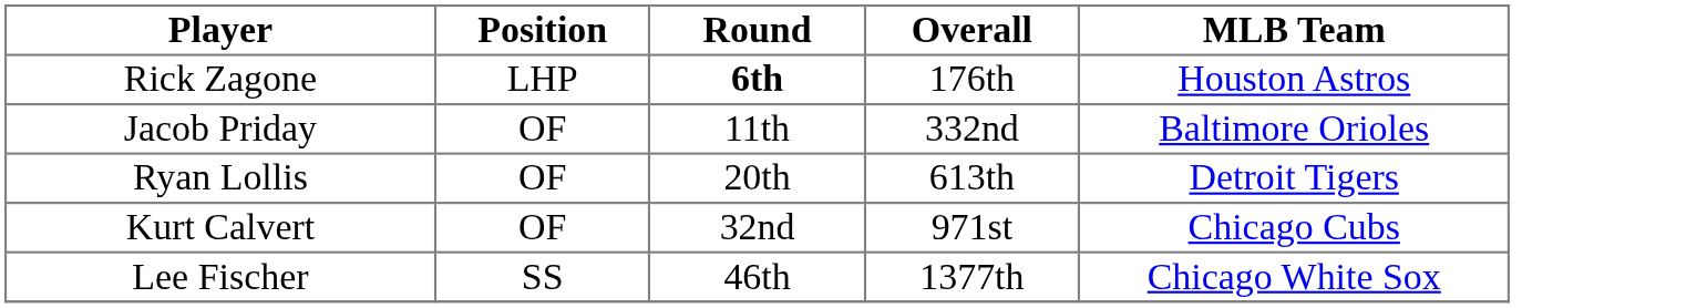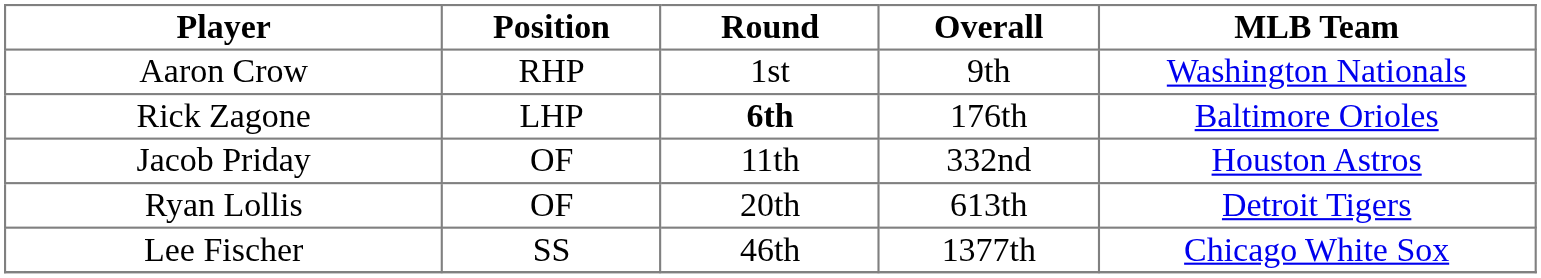 <table class="toccolours" border=1 style="text-align:center; border-collapse:collapse;">
 <tr>
 <th style="width:20%; ">Player</th>
 <th style="width:10%; ">Position</th>
 <th style="width:10%; ">Round</th>
 <th style="width:10%; ">Overall</th>
 <th style="width:20%; ">MLB Team</th>
 </tr>
 <tr>
+<td>Aaron Crow</td>
+<td>RHP</td>
+<td>1st</td>
+<td>9th</td>
+<td><a href='#'>Washington Nationals</a></td>
+</tr>
+<tr>
 <td>Rick Zagone</td>
 <td>LHP</td>
 <td><strong>6th</strong></td>
 <td>176th</td>
-<td><a href='#'>Houston Astros</a></td>
+<td><a href='#'>Baltimore Orioles</a></td>
 </tr>
 <tr>
 <td>Jacob Priday</td>
 <td>OF</td>
 <td>11th</td>
 <td>332nd</td>
-<td><a href='#'>Baltimore Orioles</a></td>
+<td><a href='#'>Houston Astros</a></td>
 </tr>
 <tr>
 <td>Ryan Lollis</td>
 <td>OF</td>
 <td>20th</td>
 <td>613th</td>
 <td><a href='#'>Detroit Tigers</a></td>
-</tr>
-<tr>
-<td>Kurt Calvert</td>
-<td>OF</td>
-<td>32nd</td>
-<td>971st</td>
-<td><a href='#'>Chicago Cubs</a></td>
 </tr>
 <tr>
 <td>Lee Fischer</td>
 <td>SS</td>
 <td>46th</td>
 <td>1377th</td>
 <td><a href='#'>Chicago White Sox</a></td>
 </tr>
 <tr>
 </tr>
 </table>
